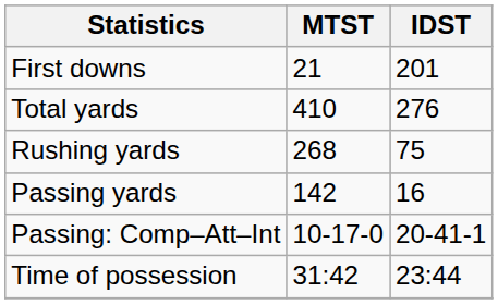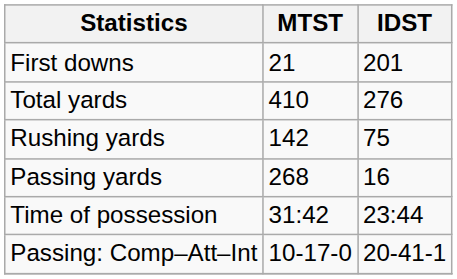 <table class="wikitable" style="float: left;">
 <tr>
 <th>Statistics</th>
 <th>MTST</th>
 <th>IDST</th>
 </tr>
 <tr>
 <td>First downs</td>
 <td>21</td>
 <td>201</td>
 </tr>
 <tr>
 <td>Total yards</td>
 <td>410</td>
 <td>276</td>
 </tr>
 <tr>
 <td>Rushing yards</td>
-<td>268</td>
+<td>142</td>
 <td>75</td>
 </tr>
 <tr>
 <td>Passing yards</td>
-<td>142</td>
+<td>268</td>
 <td>16</td>
+</tr>
+<tr>
+<td>Time of possession</td>
+<td>31:42</td>
+<td>23:44</td>
 </tr>
 <tr>
 <td>Passing: Comp–Att–Int</td>
 <td>10-17-0</td>
 <td>20-41-1</td>
 </tr>
 <tr>
-<td>Time of possession</td>
-<td>31:42</td>
-<td>23:44</td>
-</tr>
-<tr>
 </tr>
 </table>
